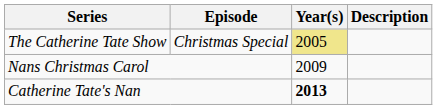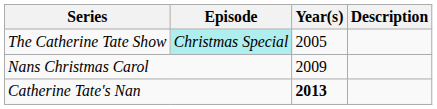 <table class="wikitable sortable">
 <tr>
 <th>Series</th>
 <th>Episode</th>
 <th>Year(s)</th>
 <th>Description</th>
 </tr>
 <tr>
 <td><em>The Catherine Tate Show</em></td>
-<td><em>Christmas Special</em></td>
-<td style="background: khaki;">2005</td>
+<td style="background: paleturquoise;"><em>Christmas Special</em></td>
+<td>2005</td>
 <td></td>
 </tr>
 <tr>
 <td colspan="2"><em>Nans Christmas Carol</em></td>
 <td>2009</td>
 <td></td>
 </tr>
 <tr>
 <td colspan="2"><em>Catherine Tate's Nan</em></td>
 <td><strong>2013</strong></td>
 <td></td>
 </tr>
 </table>
